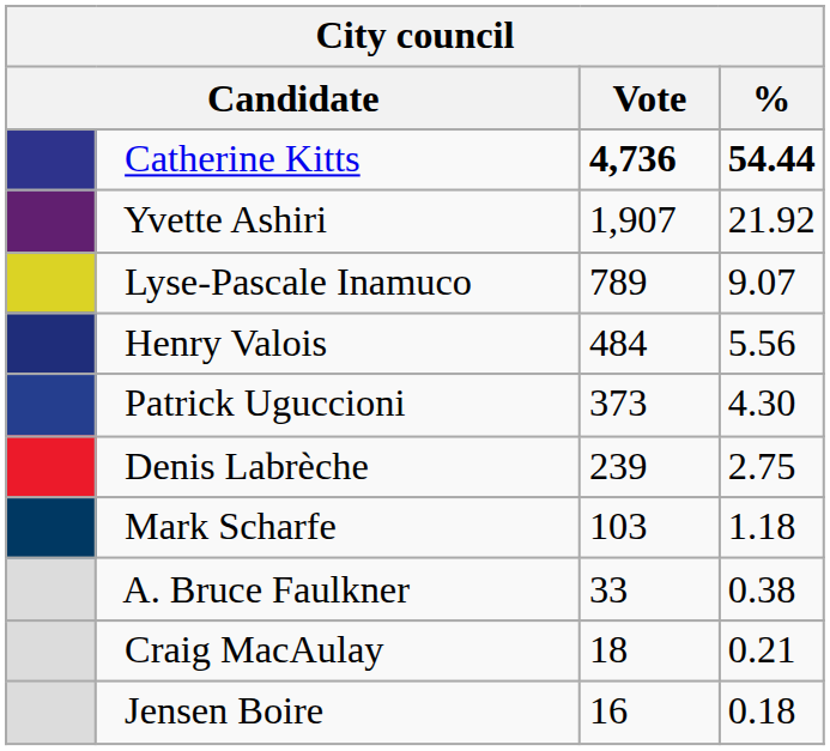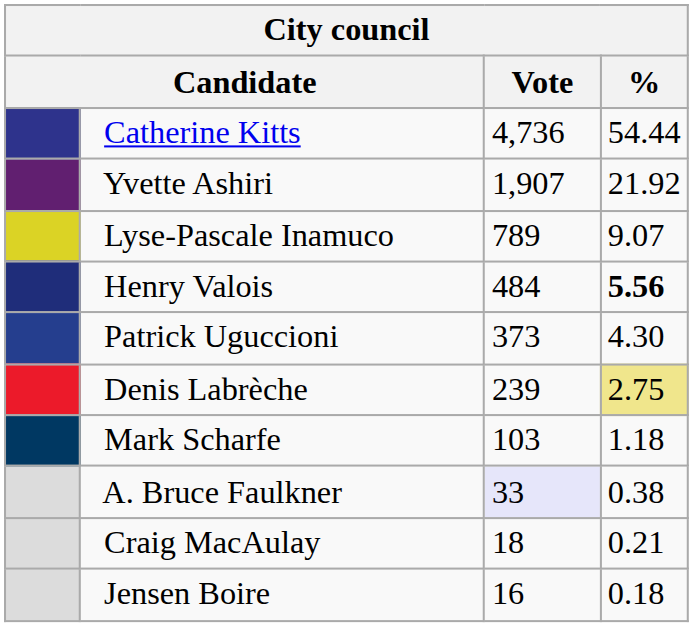 <table class="wikitable">
 <tr>
 <th colspan="4">City council</th>
 </tr>
 <tr>
 <th bgcolor="#DDDDFF" width="230px" colspan="2">Candidate</th>
 <th bgcolor="#DDDDFF" width="50px">Vote</th>
 <th bgcolor="#DDDDFF" width="30px">%</th>
 </tr>
 <tr>
 <td bgcolor=#2E338C width="30px"> </td>
 <td>  <a href='#'>Catherine Kitts</a></td>
-<td><strong>4,736</strong></td>
-<td><strong>54.44</strong></td>
+<td>4,736</td>
+<td>54.44</td>
 </tr>
 <tr>
 <td bgcolor=#611F70 width="30px"> </td>
 <td>  Yvette Ashiri</td>
 <td>1,907</td>
 <td>21.92</td>
 </tr>
 <tr>
 <td bgcolor=#DBD325 width="30px"> </td>
 <td>  Lyse-Pascale Inamuco</td>
 <td>789</td>
 <td>9.07</td>
 </tr>
 <tr>
 <td bgcolor=#1F2D7A width="30px"> </td>
 <td>  Henry Valois</td>
 <td>484</td>
-<td>5.56</td>
+<td><strong>5.56</strong></td>
 </tr>
 <tr>
 <td bgcolor=#253E8E width="30px"> </td>
 <td>  Patrick Uguccioni</td>
 <td>373</td>
 <td>4.30</td>
 </tr>
 <tr>
 <td bgcolor=#EC1A2A width="30px"> </td>
 <td>  Denis Labrèche</td>
 <td>239</td>
-<td>2.75</td>
+<td style="background: khaki;">2.75</td>
 </tr>
 <tr>
 <td bgcolor=#003862 width="30px"> </td>
 <td>  Mark Scharfe</td>
 <td>103</td>
 <td>1.18</td>
 </tr>
 <tr>
 <td bgcolor=#DCDCDC width="30px"> </td>
 <td>  A. Bruce Faulkner</td>
-<td>33</td>
+<td style="background: lavender;">33</td>
 <td>0.38</td>
 </tr>
 <tr>
 <td bgcolor=#DCDCDC width="30px"> </td>
 <td>  Craig MacAulay</td>
 <td>18</td>
 <td>0.21</td>
 </tr>
 <tr>
 <td bgcolor=#DCDCDC width="30px"> </td>
 <td>  Jensen Boire</td>
 <td>16</td>
 <td>0.18</td>
 </tr>
 </table>
